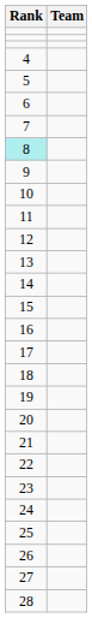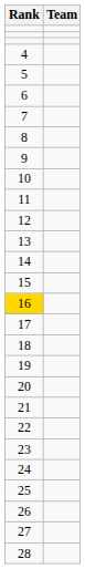 <table class="wikitable" style="text-align:center;">
 <tr>
 <th width=40>Rank</th>
 <th>Team</th>
 </tr>
 <tr>
 <td></td>
 <td style="text-align:left;"></td>
 </tr>
 <tr>
 <td></td>
 <td style="text-align:left;"></td>
 </tr>
 <tr China>
 <td></td>
 <td style="text-align:left;"></td>
 </tr>
 <tr>
 <td>4</td>
 <td style="text-align:left;"></td>
 </tr>
 <tr>
 <td>5</td>
 <td style="text-align:left;"></td>
 </tr>
 <tr>
 <td>6</td>
 <td style="text-align:left;"></td>
 </tr>
 <tr>
 <td>7</td>
 <td style="text-align:left;"></td>
 </tr>
 <tr>
-<td style="background: paleturquoise;">8</td>
+<td>8</td>
 <td style="text-align:left;"></td>
 </tr>
 <tr>
 <td>9</td>
 <td style="text-align:left;"></td>
 </tr>
 <tr>
 <td>10</td>
 <td style="text-align:left;"></td>
 </tr>
 <tr>
 <td>11</td>
 <td style="text-align:left;"></td>
 </tr>
 <tr>
 <td>12</td>
 <td style="text-align:left;"></td>
 </tr>
 <tr>
 <td>13</td>
 <td style="text-align:left;"></td>
 </tr>
 <tr>
 <td>14</td>
 <td style="text-align:left;"></td>
 </tr>
 <tr>
 <td>15</td>
 <td style="text-align:left;"></td>
 </tr>
 <tr>
-<td>16</td>
+<td style="background: gold;">16</td>
 <td style="text-align:left;"></td>
 </tr>
 <tr>
 <td>17</td>
 <td style="text-align:left;"></td>
 </tr>
 <tr>
 <td>18</td>
 <td style="text-align:left;"></td>
 </tr>
 <tr>
 <td>19</td>
 <td style="text-align:left;"></td>
 </tr>
 <tr>
 <td>20</td>
 <td style="text-align:left;"></td>
 </tr>
 <tr>
 <td>21</td>
 <td style="text-align:left;"></td>
 </tr>
 <tr>
 <td>22</td>
 <td style="text-align:left;"></td>
 </tr>
 <tr>
 <td>23</td>
 <td style="text-align:left;"></td>
 </tr>
 <tr>
 <td>24</td>
 <td style="text-align:left;"></td>
 </tr>
 <tr>
 <td>25</td>
 <td style="text-align:left;"></td>
 </tr>
 <tr>
 <td>26</td>
 <td style="text-align:left;"></td>
 </tr>
 <tr>
 <td>27</td>
 <td style="text-align:left;"></td>
 </tr>
 <tr>
 <td>28</td>
 <td style="text-align:left;"></td>
 </tr>
 </table>
